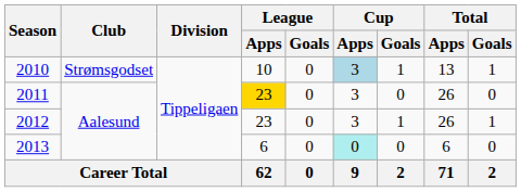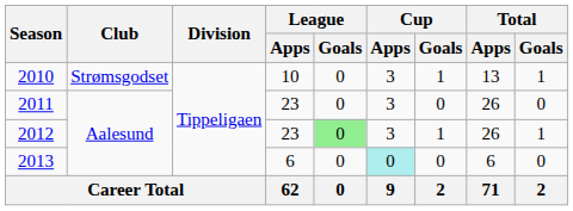 <table class="wikitable" style="text-align: center;">
 <tr>
 <th rowspan="2">Season</th>
 <th rowspan="2">Club</th>
 <th rowspan="2">Division</th>
 <th colspan="2">League</th>
 <th colspan="2">Cup</th>
 <th colspan="2">Total</th>
 </tr>
 <tr>
 <th>Apps</th>
 <th>Goals</th>
 <th>Apps</th>
 <th>Goals</th>
 <th>Apps</th>
 <th>Goals</th>
 </tr>
 <tr>
 <td><a href='#'>2010</a></td>
 <td rowspan="1" valign="center"><a href='#'>Strømsgodset</a></td>
 <td rowspan="4" valign="center"><a href='#'>Tippeligaen</a></td>
 <td>10</td>
 <td>0</td>
-<td style="background: lightblue;">3</td>
+<td>3</td>
 <td>1</td>
 <td>13</td>
 <td>1</td>
 </tr>
 <tr>
 <td><a href='#'>2011</a></td>
 <td rowspan="3" valign="center"><a href='#'>Aalesund</a></td>
-<td style="background: gold;">23</td>
+<td>23</td>
 <td>0</td>
 <td>3</td>
 <td>0</td>
 <td>26</td>
 <td>0</td>
 </tr>
 <tr>
 <td><a href='#'>2012</a></td>
 <td>23</td>
-<td>0</td>
+<td style="background: lightgreen;">0</td>
 <td>3</td>
 <td>1</td>
 <td>26</td>
 <td>1</td>
 </tr>
 <tr>
 <td><a href='#'>2013</a></td>
 <td>6</td>
 <td>0</td>
 <td style="background: paleturquoise;">0</td>
 <td>0</td>
 <td>6</td>
 <td>0</td>
 </tr>
 <tr>
 <th colspan="3">Career Total</th>
 <th>62</th>
 <th>0</th>
 <th>9</th>
 <th>2</th>
 <th>71</th>
 <th>2</th>
 </tr>
 </table>
